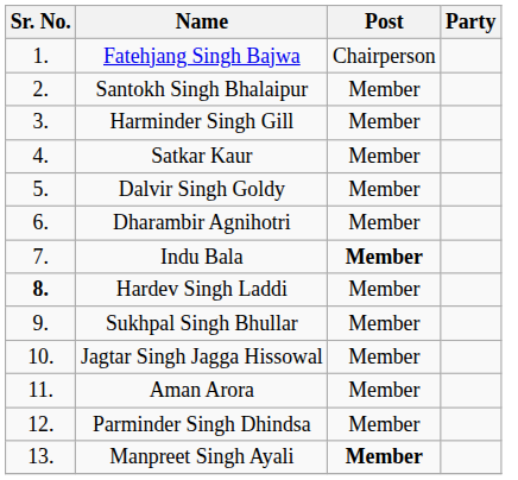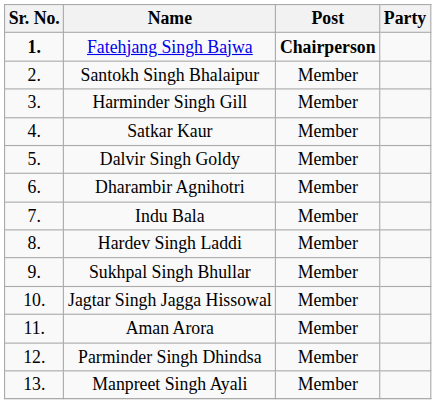 <table class="wikitable sortable">
 <tr>
 <th>Sr. No.</th>
 <th>Name</th>
 <th>Post</th>
 <th colspan="2">Party</th>
 </tr>
 <tr align="center">
-<td>1.</td>
+<td><strong>1.</strong></td>
 <td><a href='#'>Fatehjang Singh Bajwa</a></td>
-<td>Chairperson</td>
+<td><strong>Chairperson</strong></td>
 <td></td>
 </tr>
 <tr align="center">
 <td>2.</td>
 <td>Santokh Singh Bhalaipur</td>
 <td>Member</td>
 <td></td>
 </tr>
 <tr align="center">
 <td>3.</td>
 <td>Harminder Singh Gill</td>
 <td>Member</td>
 <td></td>
 </tr>
 <tr align="center">
 <td>4.</td>
 <td>Satkar Kaur</td>
 <td>Member</td>
 <td></td>
 </tr>
 <tr align="center">
 <td>5.</td>
 <td>Dalvir Singh Goldy</td>
 <td>Member</td>
 <td></td>
 </tr>
 <tr align="center">
 <td>6.</td>
 <td>Dharambir Agnihotri</td>
 <td>Member</td>
 <td></td>
 </tr>
 <tr align="center">
 <td>7.</td>
 <td>Indu Bala</td>
-<td><strong>Member</strong></td>
+<td>Member</td>
 <td></td>
 </tr>
 <tr align="center">
-<td><strong>8.</strong></td>
+<td>8.</td>
 <td>Hardev Singh Laddi</td>
 <td>Member</td>
 <td></td>
 </tr>
 <tr align="center">
 <td>9.</td>
 <td>Sukhpal Singh Bhullar</td>
 <td>Member</td>
 <td></td>
 </tr>
 <tr align="center">
 <td>10.</td>
 <td>Jagtar Singh Jagga Hissowal</td>
 <td>Member</td>
 <td></td>
 </tr>
 <tr align="center">
 <td>11.</td>
 <td>Aman Arora</td>
 <td>Member</td>
 <td></td>
 </tr>
 <tr align="center">
 <td>12.</td>
 <td>Parminder Singh Dhindsa</td>
 <td>Member</td>
 <td></td>
 </tr>
 <tr align="center">
 <td>13.</td>
 <td>Manpreet Singh Ayali</td>
-<td><strong>Member</strong></td>
+<td>Member</td>
 <td></td>
 </tr>
 <tr align="center">
 </tr>
 </table>
